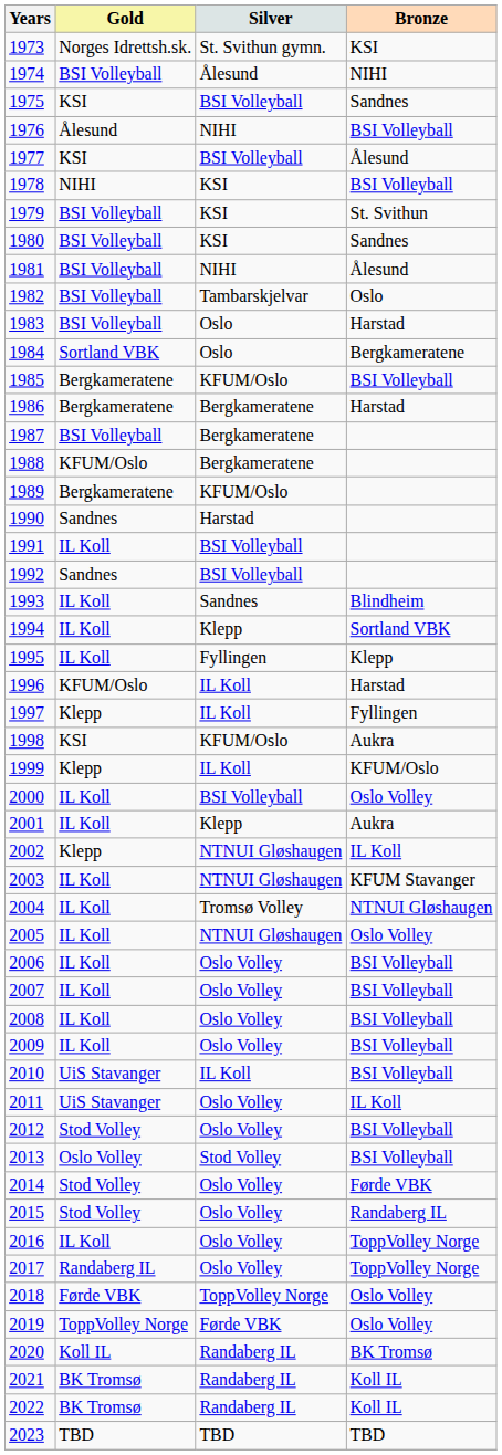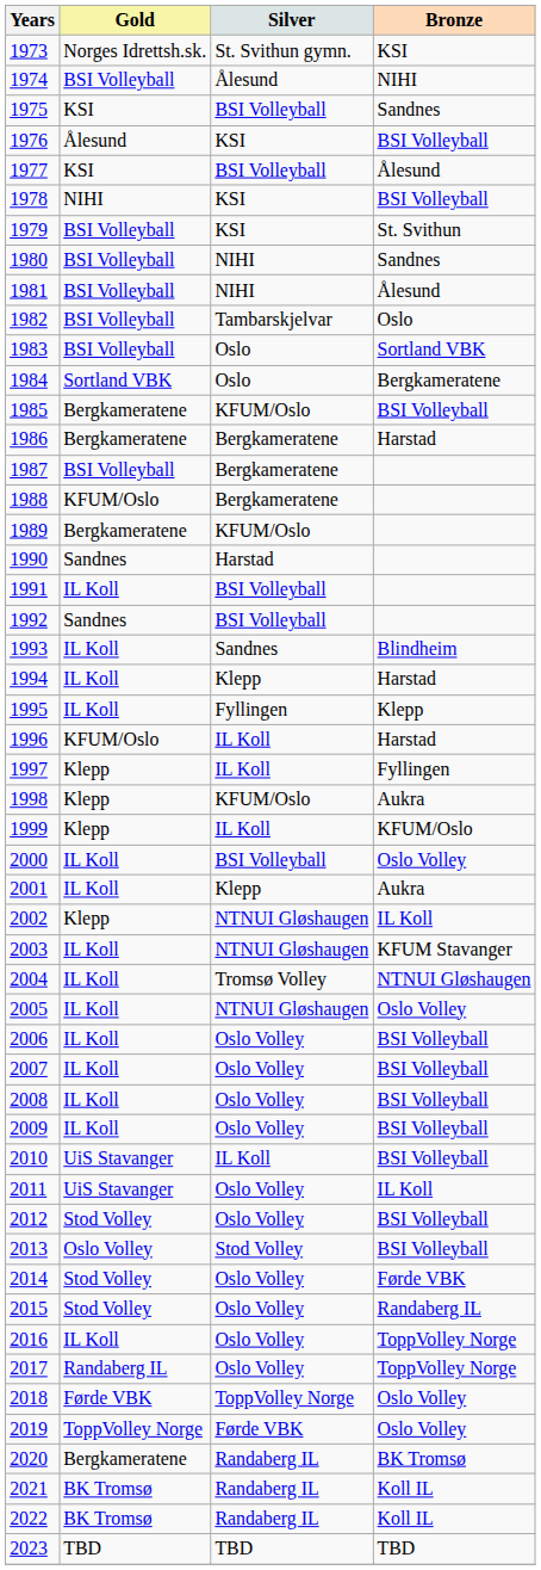 <table class="wikitable">
 <tr>
 <th>Years</th>
 <th scope="col" style="background-color: #F7F6A8;"> Gold</th>
 <th scope="col" style="background-color: #DCE5E5;"> Silver</th>
 <th scope="col" style="background-color: #FFDAB9;"> Bronze</th>
 </tr>
 <tr>
 <td><a href='#'>1973</a></td>
 <td>Norges Idrettsh.sk.</td>
 <td>St. Svithun gymn.</td>
 <td>KSI</td>
 </tr>
 <tr>
 <td><a href='#'>1974</a></td>
 <td><a href='#'>BSI Volleyball</a></td>
 <td>Ålesund</td>
 <td>NIHI</td>
 </tr>
 <tr>
 <td><a href='#'>1975</a></td>
 <td>KSI</td>
 <td><a href='#'>BSI Volleyball</a></td>
 <td>Sandnes</td>
 </tr>
 <tr>
 <td><a href='#'>1976</a></td>
 <td>Ålesund</td>
-<td>NIHI</td>
+<td>KSI</td>
 <td><a href='#'>BSI Volleyball</a></td>
 </tr>
 <tr>
 <td><a href='#'>1977</a></td>
 <td>KSI</td>
 <td><a href='#'>BSI Volleyball</a></td>
 <td>Ålesund</td>
 </tr>
 <tr>
 <td><a href='#'>1978</a></td>
 <td>NIHI</td>
 <td>KSI</td>
 <td><a href='#'>BSI Volleyball</a></td>
 </tr>
 <tr>
 <td><a href='#'>1979</a></td>
 <td><a href='#'>BSI Volleyball</a></td>
 <td>KSI</td>
 <td>St. Svithun</td>
 </tr>
 <tr>
 <td><a href='#'>1980</a></td>
 <td><a href='#'>BSI Volleyball</a></td>
-<td>KSI</td>
+<td>NIHI</td>
 <td>Sandnes</td>
 </tr>
 <tr>
 <td><a href='#'>1981</a></td>
 <td><a href='#'>BSI Volleyball</a></td>
 <td>NIHI</td>
 <td>Ålesund</td>
 </tr>
 <tr>
 <td><a href='#'>1982</a></td>
 <td><a href='#'>BSI Volleyball</a></td>
 <td>Tambarskjelvar</td>
 <td>Oslo</td>
 </tr>
 <tr>
 <td><a href='#'>1983</a></td>
 <td><a href='#'>BSI Volleyball</a></td>
 <td>Oslo</td>
-<td>Harstad</td>
+<td><a href='#'>Sortland VBK</a></td>
 </tr>
 <tr>
 <td><a href='#'>1984</a></td>
 <td><a href='#'>Sortland VBK</a></td>
 <td>Oslo</td>
 <td>Bergkameratene</td>
 </tr>
 <tr>
 <td><a href='#'>1985</a></td>
 <td>Bergkameratene</td>
 <td>KFUM/Oslo</td>
 <td><a href='#'>BSI Volleyball</a></td>
 </tr>
 <tr>
 <td><a href='#'>1986</a></td>
 <td>Bergkameratene</td>
 <td>Bergkameratene</td>
 <td>Harstad</td>
 </tr>
 <tr>
 <td><a href='#'>1987</a></td>
 <td><a href='#'>BSI Volleyball</a></td>
 <td>Bergkameratene</td>
 <td></td>
 </tr>
 <tr>
 <td><a href='#'>1988</a></td>
 <td>KFUM/Oslo</td>
 <td>Bergkameratene</td>
 <td></td>
 </tr>
 <tr>
 <td><a href='#'>1989</a></td>
 <td>Bergkameratene</td>
 <td>KFUM/Oslo</td>
 <td></td>
 </tr>
 <tr>
 <td><a href='#'>1990</a></td>
 <td>Sandnes</td>
 <td>Harstad</td>
 <td></td>
 </tr>
 <tr>
 <td><a href='#'>1991</a></td>
 <td><a href='#'>IL Koll</a></td>
 <td><a href='#'>BSI Volleyball</a></td>
 <td></td>
 </tr>
 <tr>
 <td><a href='#'>1992</a></td>
 <td>Sandnes</td>
 <td><a href='#'>BSI Volleyball</a></td>
 <td></td>
 </tr>
 <tr>
 <td><a href='#'>1993</a></td>
 <td><a href='#'>IL Koll</a></td>
 <td>Sandnes</td>
 <td><a href='#'>Blindheim</a></td>
 </tr>
 <tr>
 <td><a href='#'>1994</a></td>
 <td><a href='#'>IL Koll</a></td>
 <td>Klepp</td>
-<td><a href='#'>Sortland VBK</a></td>
+<td>Harstad</td>
 </tr>
 <tr>
 <td><a href='#'>1995</a></td>
 <td><a href='#'>IL Koll</a></td>
 <td>Fyllingen</td>
 <td>Klepp</td>
 </tr>
 <tr>
 <td><a href='#'>1996</a></td>
 <td>KFUM/Oslo</td>
 <td><a href='#'>IL Koll</a></td>
 <td>Harstad</td>
 </tr>
 <tr>
 <td><a href='#'>1997</a></td>
 <td>Klepp</td>
 <td><a href='#'>IL Koll</a></td>
 <td>Fyllingen</td>
 </tr>
 <tr>
 <td><a href='#'>1998</a></td>
-<td>KSI</td>
+<td>Klepp</td>
 <td>KFUM/Oslo</td>
 <td>Aukra</td>
 </tr>
 <tr>
 <td><a href='#'>1999</a></td>
 <td>Klepp</td>
 <td><a href='#'>IL Koll</a></td>
 <td>KFUM/Oslo</td>
 </tr>
 <tr>
 <td><a href='#'>2000</a></td>
 <td><a href='#'>IL Koll</a></td>
 <td><a href='#'>BSI Volleyball</a></td>
 <td><a href='#'>Oslo Volley</a></td>
 </tr>
 <tr>
 <td><a href='#'>2001</a></td>
 <td><a href='#'>IL Koll</a></td>
 <td>Klepp</td>
 <td>Aukra</td>
 </tr>
 <tr>
 <td><a href='#'>2002</a></td>
 <td>Klepp</td>
 <td><a href='#'>NTNUI Gløshaugen</a></td>
 <td><a href='#'>IL Koll</a></td>
 </tr>
 <tr>
 <td><a href='#'>2003</a></td>
 <td><a href='#'>IL Koll</a></td>
 <td><a href='#'>NTNUI Gløshaugen</a></td>
 <td>KFUM Stavanger</td>
 </tr>
 <tr>
 <td><a href='#'>2004</a></td>
 <td><a href='#'>IL Koll</a></td>
 <td>Tromsø Volley</td>
 <td><a href='#'>NTNUI Gløshaugen</a></td>
 </tr>
 <tr>
 <td><a href='#'>2005</a></td>
 <td><a href='#'>IL Koll</a></td>
 <td><a href='#'>NTNUI Gløshaugen</a></td>
 <td><a href='#'>Oslo Volley</a></td>
 </tr>
 <tr>
 <td><a href='#'>2006</a></td>
 <td><a href='#'>IL Koll</a></td>
 <td><a href='#'>Oslo Volley</a></td>
 <td><a href='#'>BSI Volleyball</a></td>
 </tr>
 <tr>
 <td><a href='#'>2007</a></td>
 <td><a href='#'>IL Koll</a></td>
 <td><a href='#'>Oslo Volley</a></td>
 <td><a href='#'>BSI Volleyball</a></td>
 </tr>
 <tr>
 <td><a href='#'>2008</a></td>
 <td><a href='#'>IL Koll</a></td>
 <td><a href='#'>Oslo Volley</a></td>
 <td><a href='#'>BSI Volleyball</a></td>
 </tr>
 <tr>
 <td><a href='#'>2009</a></td>
 <td><a href='#'>IL Koll</a></td>
 <td><a href='#'>Oslo Volley</a></td>
 <td><a href='#'>BSI Volleyball</a></td>
 </tr>
 <tr>
 <td><a href='#'>2010</a></td>
 <td><a href='#'>UiS Stavanger</a></td>
 <td><a href='#'>IL Koll</a></td>
 <td><a href='#'>BSI Volleyball</a></td>
 </tr>
 <tr>
 <td><a href='#'>2011</a></td>
 <td><a href='#'>UiS Stavanger</a></td>
 <td><a href='#'>Oslo Volley</a></td>
 <td><a href='#'>IL Koll</a></td>
 </tr>
 <tr>
 <td><a href='#'>2012</a></td>
 <td><a href='#'>Stod Volley</a></td>
 <td><a href='#'>Oslo Volley</a></td>
 <td><a href='#'>BSI Volleyball</a></td>
 </tr>
 <tr>
 <td><a href='#'>2013</a></td>
 <td><a href='#'>Oslo Volley</a></td>
 <td><a href='#'>Stod Volley</a></td>
 <td><a href='#'>BSI Volleyball</a></td>
 </tr>
 <tr>
 <td><a href='#'>2014</a></td>
 <td><a href='#'>Stod Volley</a></td>
 <td><a href='#'>Oslo Volley</a></td>
 <td><a href='#'>Førde VBK</a></td>
 </tr>
 <tr>
 <td><a href='#'>2015</a></td>
 <td><a href='#'>Stod Volley</a></td>
 <td><a href='#'>Oslo Volley</a></td>
 <td><a href='#'>Randaberg IL</a></td>
 </tr>
 <tr>
 <td><a href='#'>2016</a></td>
 <td><a href='#'>IL Koll</a></td>
 <td><a href='#'>Oslo Volley</a></td>
 <td><a href='#'>ToppVolley Norge</a></td>
 </tr>
 <tr>
 <td><a href='#'>2017</a></td>
 <td><a href='#'>Randaberg IL</a></td>
 <td><a href='#'>Oslo Volley</a></td>
 <td><a href='#'>ToppVolley Norge</a></td>
 </tr>
 <tr>
 <td><a href='#'>2018</a></td>
 <td><a href='#'>Førde VBK</a></td>
 <td><a href='#'>ToppVolley Norge</a></td>
 <td><a href='#'>Oslo Volley</a></td>
 </tr>
 <tr>
 <td><a href='#'>2019</a></td>
 <td><a href='#'>ToppVolley Norge</a></td>
 <td><a href='#'>Førde VBK</a></td>
 <td><a href='#'>Oslo Volley</a></td>
 </tr>
 <tr>
 <td><a href='#'>2020</a></td>
-<td><a href='#'>Koll IL</a></td>
+<td>Bergkameratene</td>
 <td><a href='#'>Randaberg IL</a></td>
 <td><a href='#'>BK Tromsø</a></td>
 </tr>
 <tr>
 <td><a href='#'>2021</a></td>
 <td><a href='#'>BK Tromsø</a></td>
 <td><a href='#'>Randaberg IL</a></td>
 <td><a href='#'>Koll IL</a></td>
 </tr>
 <tr>
 <td><a href='#'>2022</a></td>
 <td><a href='#'>BK Tromsø</a></td>
 <td><a href='#'>Randaberg IL</a></td>
 <td><a href='#'>Koll IL</a></td>
 </tr>
 <tr>
 <td><a href='#'>2023</a></td>
 <td>TBD</td>
 <td>TBD</td>
 <td>TBD</td>
 </tr>
 <tr>
 </tr>
 </table>
